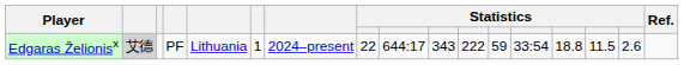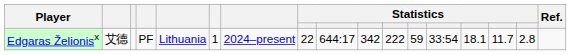 <table class="wikitable sortable" style="font-size:95%; text-align:right;">
 <tr>
 <th rowspan="2">Player</th>
 <th rowspan="2"></th>
 <th rowspan="2"></th>
 <th rowspan="2"></th>
 <th rowspan="2"></th>
 <th rowspan="2"></th>
 <th rowspan="2"></th>
 <th colspan="9">Statistics</th>
 <th rowspan="2">Ref.</th>
 </tr>
 <tr>
 <th></th>
 <th></th>
 <th></th>
 <th></th>
 <th></th>
 <th></th>
 <th></th>
 <th></th>
 <th></th>
 </tr>
 <tr>
 <td align="left" bgcolor="#CCFFCC"><a href='#'>Edgaras Želionis</a><sup>x</sup></td>
-<td align="left" style="background: lightgrey;">艾德</td>
+<td align="left">艾德</td>
 <td align="center"></td>
 <td align="center">PF</td>
 <td align="left"><a href='#'>Lithuania</a></td>
 <td align="center">1</td>
 <td align="center"><a href='#'>2024–present</a></td>
 <td>22</td>
 <td>644:17</td>
-<td>343</td>
+<td>342</td>
 <td>222</td>
 <td>59</td>
 <td>33:54</td>
-<td>18.8</td>
-<td>11.5</td>
-<td>2.6</td>
+<td>18.1</td>
+<td>11.7</td>
+<td>2.8</td>
 <td align="center"></td>
 </tr>
 </table>
